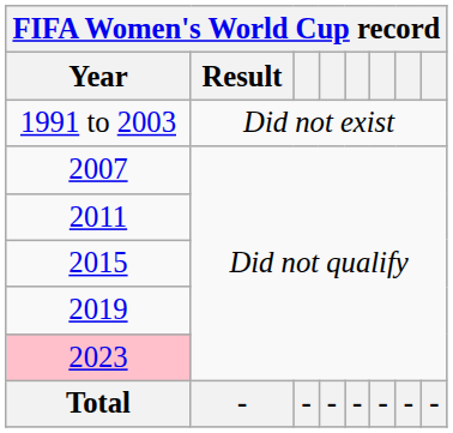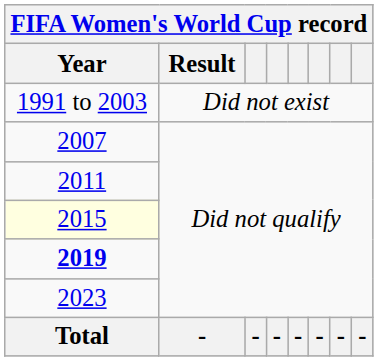 <table class="wikitable" style="text-align: center;">
 <tr>
 <th colspan=9><a href='#'>FIFA Women's World Cup</a> record</th>
 </tr>
 <tr>
 <th>Year</th>
 <th>Result</th>
 <th></th>
 <th></th>
 <th></th>
 <th></th>
 <th></th>
 <th></th>
 </tr>
 <tr>
 <td> <a href='#'>1991</a> to  <a href='#'>2003</a></td>
 <td colspan=7><em>Did not exist</em></td>
 </tr>
 <tr>
 <td> <a href='#'>2007</a></td>
 <td colspan=7 rowspan=5><em>Did not qualify</em></td>
 </tr>
 <tr>
 <td> <a href='#'>2011</a></td>
 </tr>
 <tr>
-<td> <a href='#'>2015</a></td>
+<td style="background: lightyellow;"> <a href='#'>2015</a></td>
 </tr>
 <tr>
-<td> <a href='#'>2019</a></td>
+<td><strong> <a href='#'>2019</a></strong></td>
 </tr>
 <tr>
-<td style="background: pink;"> <a href='#'>2023</a></td>
+<td> <a href='#'>2023</a></td>
 </tr>
 <tr>
 <th>Total</th>
 <th>-</th>
 <th>-</th>
 <th>-</th>
 <th>-</th>
 <th>-</th>
 <th>-</th>
 <th>-</th>
 </tr>
 </table>
